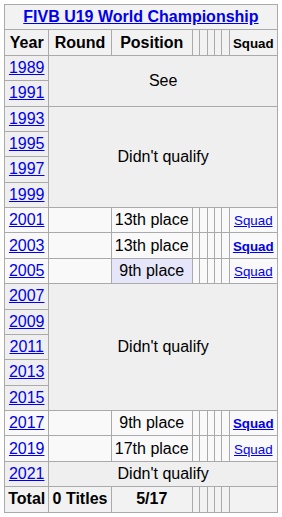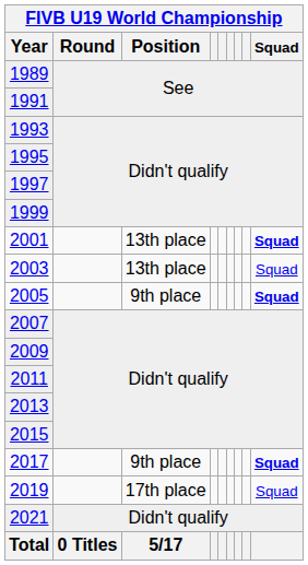 <table class="wikitable" style="text-align: center;">
 <tr>
 <th colspan=9><a href='#'>FIVB U19 World Championship</a></th>
 </tr>
 <tr>
 <th>Year</th>
 <th>Round</th>
 <th>Position</th>
 <th></th>
 <th></th>
 <th></th>
 <th></th>
 <th></th>
 <th><small>Squad</small></th>
 </tr>
 <tr bgcolor="efefef">
 <td> <a href='#'>1989</a></td>
 <td colspan="8" rowspan=2>See </td>
 </tr>
 <tr bgcolor="efefef">
 <td> <a href='#'>1991</a></td>
 </tr>
 <tr bgcolor="efefef">
 <td> <a href='#'>1993</a></td>
 <td colspan="8" rowspan=4>Didn't qualify</td>
 </tr>
 <tr bgcolor="efefef">
 <td> <a href='#'>1995</a></td>
 </tr>
 <tr bgcolor="efefef">
 <td> <a href='#'>1997</a></td>
 </tr>
 <tr bgcolor="efefef">
 <td> <a href='#'>1999</a></td>
 </tr>
 <tr bgcolor=>
 <td> <a href='#'>2001</a></td>
 <td></td>
 <td>13th place</td>
 <td></td>
 <td></td>
 <td></td>
 <td></td>
 <td></td>
-<td><small><a href='#'>Squad</a></small></td>
+<td><strong><small><a href='#'>Squad</a></small></strong></td>
 </tr>
 <tr bgcolor=>
 <td> <a href='#'>2003</a></td>
 <td></td>
 <td>13th place</td>
 <td></td>
 <td></td>
 <td></td>
 <td></td>
 <td></td>
-<td><strong><small><a href='#'>Squad</a></small></strong></td>
+<td><small><a href='#'>Squad</a></small></td>
 </tr>
 <tr>
 <td> <a href='#'>2005</a></td>
 <td></td>
-<td style="background: lavender;">9th place</td>
+<td>9th place</td>
 <td></td>
 <td></td>
 <td></td>
 <td></td>
 <td></td>
-<td><small><a href='#'>Squad</a></small></td>
+<td><strong><small><a href='#'>Squad</a></small></strong></td>
 </tr>
 <tr bgcolor="efefef">
 <td> <a href='#'>2007</a></td>
 <td colspan="8" rowspan=5>Didn't qualify</td>
 </tr>
 <tr bgcolor="efefef">
 <td> <a href='#'>2009</a></td>
 </tr>
 <tr bgcolor="efefef">
 <td> <a href='#'>2011</a></td>
 </tr>
 <tr bgcolor="efefef">
 <td> <a href='#'>2013</a></td>
 </tr>
 <tr bgcolor="efefef">
 <td> <a href='#'>2015</a></td>
 </tr>
 <tr bgcolor=>
 <td> <a href='#'>2017</a></td>
 <td></td>
 <td>9th place</td>
 <td></td>
 <td></td>
 <td></td>
 <td></td>
 <td></td>
 <td><strong><small><a href='#'>Squad</a></small></strong></td>
 </tr>
 <tr bgcolor=>
 <td> <a href='#'>2019</a></td>
 <td></td>
 <td>17th place</td>
 <td></td>
 <td></td>
 <td></td>
 <td></td>
 <td></td>
 <td><small><a href='#'>Squad</a></small></td>
 </tr>
 <tr bgcolor="efefef">
 <td> <a href='#'>2021</a></td>
 <td colspan="8" rowspan=1>Didn't qualify</td>
 </tr>
 <tr>
 <th>Total</th>
 <th>0 Titles</th>
 <th>5/17</th>
 <th></th>
 <th></th>
 <th></th>
 <th></th>
 <th></th>
 <th></th>
 </tr>
 </table>
